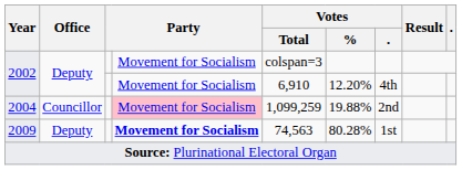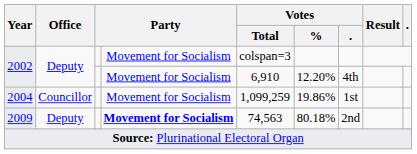 <table class="wikitable" style="font-size: 90%; text-align:center;">
 <tr>
 <th rowspan=2>Year</th>
 <th rowspan=2>Office</th>
 <th colspan=2 rowspan=2>Party</th>
 <th colspan=3>Votes</th>
 <th rowspan=2>Result</th>
 <th rowspan=2>.</th>
 </tr>
 <tr>
 <th>Total</th>
 <th>%</th>
 <th>.</th>
 </tr>
 <tr>
 <td rowspan=2 style="background-color:#EAECF0;"><a href='#'>2002</a></td>
 <td rowspan=2><a href='#'>Deputy</a></td>
 <td style="background-color:"></td>
 <td><a href='#'>Movement for Socialism</a></td>
 <td>colspan=3 </td>
 <td></td>
 <td></td>
 </tr>
 <tr>
 <td style="background-color:"></td>
 <td><a href='#'>Movement for Socialism</a></td>
 <td>6,910</td>
 <td>12.20%</td>
 <td>4th</td>
 <td></td>
 <td></td>
 </tr>
 <tr>
 <td style="background-color:#EAECF0;"><a href='#'>2004</a></td>
 <td><a href='#'>Councillor</a></td>
 <td style="background-color:"></td>
-<td style="background: pink;"><a href='#'>Movement for Socialism</a></td>
+<td><a href='#'>Movement for Socialism</a></td>
 <td>1,099,259</td>
-<td>19.88%</td>
-<td>2nd</td>
+<td>19.86%</td>
+<td>1st</td>
 <td></td>
 <td></td>
 </tr>
 <tr>
 <td style="background-color:#EAECF0;"><a href='#'>2009</a></td>
 <td><a href='#'>Deputy</a></td>
 <td style="background-color:"></td>
 <td><strong><a href='#'>Movement for Socialism</a></strong></td>
 <td>74,563</td>
-<td>80.28%</td>
-<td>1st</td>
+<td>80.18%</td>
+<td>2nd</td>
 <td></td>
 <td></td>
 </tr>
 <tr>
 <td style="background-color:#EAECF0;" colspan=9><strong>Source:</strong> <a href='#'>Plurinational Electoral Organ</a>  </td>
 </tr>
 </table>
